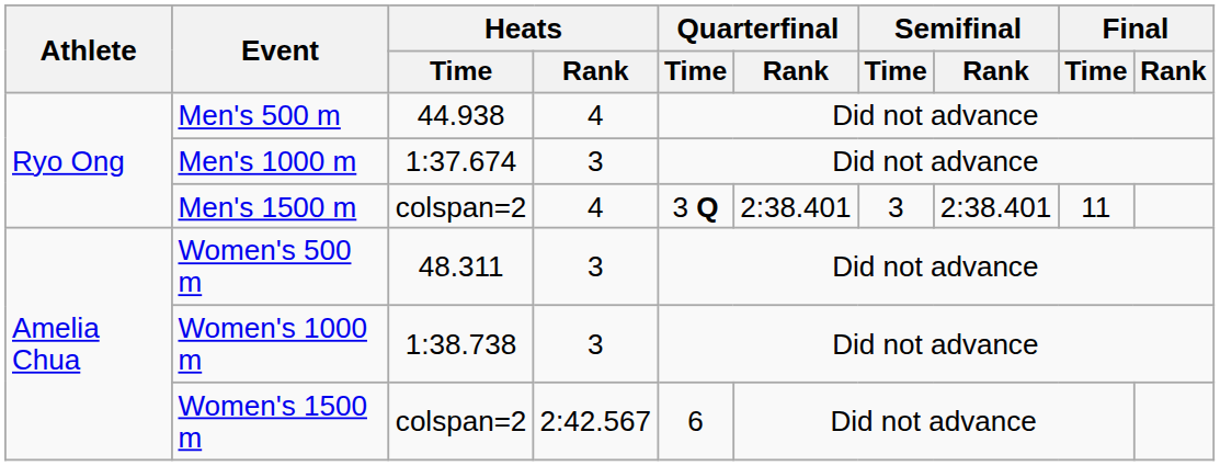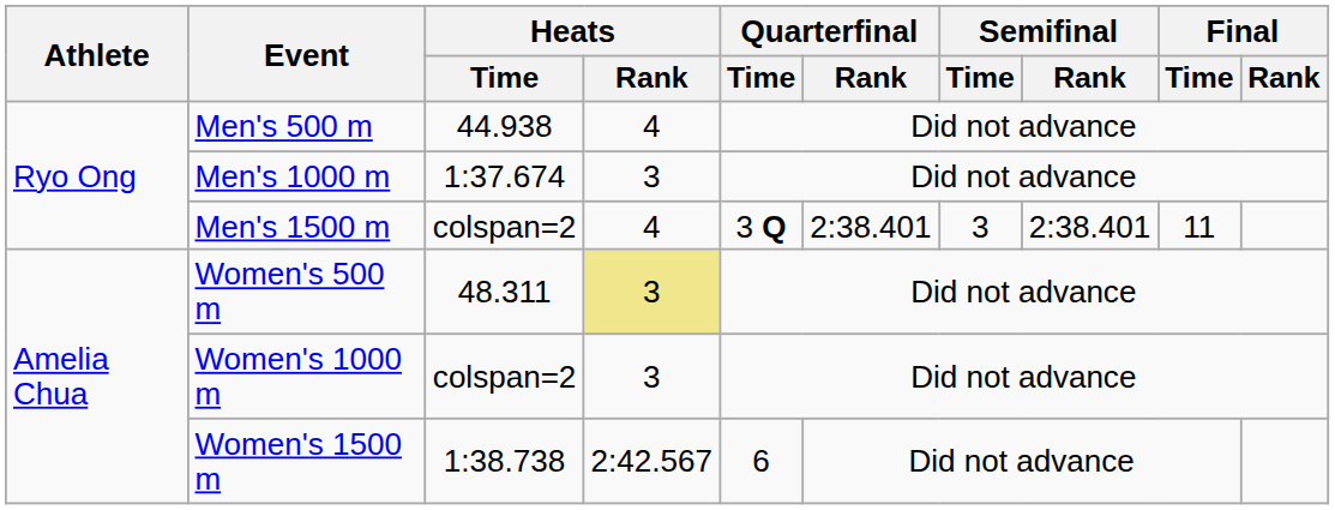 <table class="wikitable" style="font-size:90%">
 <tr>
 <th rowspan=2>Athlete</th>
 <th rowspan=2>Event</th>
 <th colspan=2>Heats</th>
 <th colspan=2>Quarterfinal</th>
 <th colspan=2>Semifinal</th>
 <th colspan=2>Final</th>
 </tr>
 <tr style="font-size:95%">
 <th>Time</th>
 <th>Rank</th>
 <th>Time</th>
 <th>Rank</th>
 <th>Time</th>
 <th>Rank</th>
 <th>Time</th>
 <th>Rank</th>
 </tr>
 <tr align=center>
 <td align=left rowspan=3><a href='#'>Ryo Ong</a></td>
 <td align=left><a href='#'>Men's 500 m</a></td>
 <td>44.938</td>
 <td>4</td>
 <td colspan=6>Did not advance</td>
 </tr>
 <tr align=center>
 <td align=left><a href='#'>Men's 1000 m</a></td>
 <td>1:37.674</td>
 <td>3</td>
 <td colspan=6>Did not advance</td>
 </tr>
 <tr align=center>
 <td align=left><a href='#'>Men's 1500 m</a></td>
 <td>colspan=2 </td>
 <td>4</td>
 <td>3 <strong>Q</strong></td>
 <td>2:38.401</td>
 <td>3 <strong></strong></td>
 <td>2:38.401</td>
 <td>11</td>
 </tr>
 <tr align=center>
 <td align=left rowspan=3><a href='#'>Amelia Chua</a></td>
 <td align=left><a href='#'>Women's 500 m</a></td>
 <td>48.311</td>
-<td>3</td>
+<td style="background: khaki;">3</td>
 <td colspan=6>Did not advance</td>
 </tr>
 <tr align=center>
 <td align=left><a href='#'>Women's 1000 m</a></td>
-<td>1:38.738</td>
+<td>colspan=2 </td>
 <td>3</td>
 <td colspan=6>Did not advance</td>
 </tr>
 <tr align=center>
 <td align=left><a href='#'>Women's 1500 m</a></td>
-<td>colspan=2 </td>
+<td>1:38.738</td>
 <td>2:42.567</td>
 <td>6</td>
 <td colspan=4>Did not advance</td>
 </tr>
 </table>
